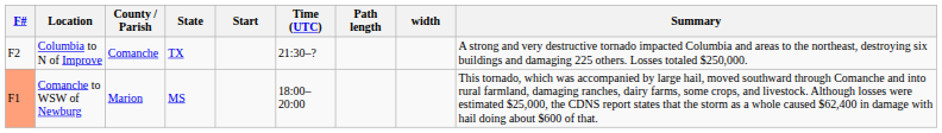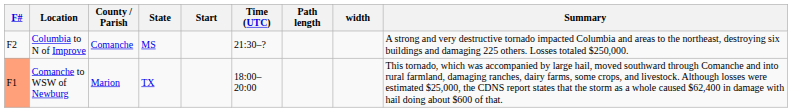 <table class="wikitable sortable" style="width:100%;">
 <tr>
 <th scope="col"  style="width:3%; text-align:center;"><a href='#'>F#</a></th>
 <th scope="col"  style="width:7%; text-align:center;" class="unsortable">Location</th>
 <th scope="col"  style="width:6%; text-align:center;" class="unsortable">County / Parish</th>
 <th scope="col"  style="width:5%; text-align:center;">State</th>
 <th scope="col"  style="width:6%; text-align:center;">Start<br></th>
 <th scope="col"  style="width:6%; text-align:center;">Time (<a href='#'>UTC</a>)</th>
 <th scope="col"  style="width:6%; text-align:center;">Path length</th>
 <th scope="col"  style="width:6%; text-align:center;"> width</th>
 <th scope="col" class="unsortable" style="width:48%; text-align:center;">Summary</th>
 </tr>
 <tr>
 <td>F2</td>
 <td><a href='#'>Columbia</a> to N of <a href='#'>Improve</a></td>
 <td><a href='#'>Comanche</a></td>
-<td><a href='#'>TX</a></td>
+<td><a href='#'>MS</a></td>
 <td></td>
 <td>21:30–?</td>
 <td></td>
 <td></td>
 <td>A strong and very destructive tornado impacted Columbia and areas to the northeast, destroying six buildings and damaging 225 others. Losses totaled $250,000.</td>
 </tr>
 <tr>
 <td style="background: lightsalmon;">F1</td>
 <td><a href='#'>Comanche</a> to WSW of <a href='#'>Newburg</a></td>
 <td><a href='#'>Marion</a></td>
-<td><a href='#'>MS</a></td>
+<td><a href='#'>TX</a></td>
 <td></td>
 <td>18:00–20:00</td>
 <td></td>
 <td></td>
 <td>This tornado, which was accompanied by large hail, moved southward through Comanche and into rural farmland, damaging ranches, dairy farms, some crops, and livestock. Although losses were estimated $25,000, the CDNS report states that the storm as a whole caused $62,400 in damage with hail doing about $600 of that.</td>
 </tr>
 </table>
